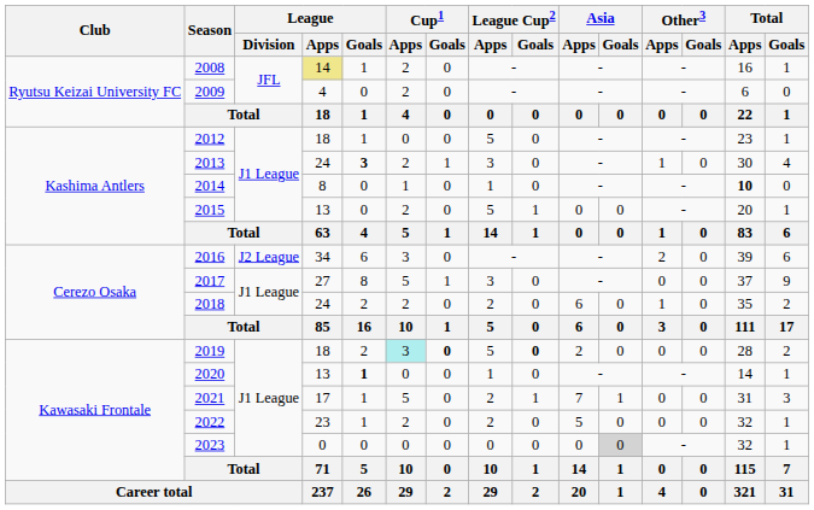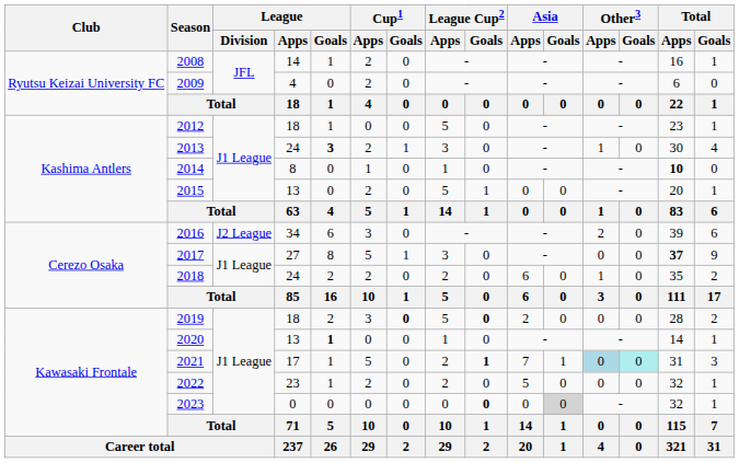 <table class="wikitable" style="text-align:center;">
 <tr>
 <th rowspan="2">Club</th>
 <th rowspan="2">Season</th>
 <th colspan="3">League</th>
 <th colspan="2">Cup<sup><a href='#'>1</a></sup></th>
 <th colspan="2">League Cup<sup><a href='#'>2</a></sup></th>
 <th colspan="2"><a href='#'>Asia</a></th>
 <th colspan="2">Other<sup><a href='#'>3</a></sup></th>
 <th colspan="2">Total</th>
 </tr>
 <tr>
 <th>Division</th>
 <th>Apps</th>
 <th>Goals</th>
 <th>Apps</th>
 <th>Goals</th>
 <th>Apps</th>
 <th>Goals</th>
 <th>Apps</th>
 <th>Goals</th>
 <th>Apps</th>
 <th>Goals</th>
 <th>Apps</th>
 <th>Goals</th>
 </tr>
 <tr>
 <td rowspan="3"><a href='#'>Ryutsu Keizai University FC</a></td>
 <td><a href='#'>2008</a></td>
 <td rowspan="2"><a href='#'>JFL</a></td>
-<td style="background: khaki;">14</td>
+<td>14</td>
 <td>1</td>
 <td>2</td>
 <td>0</td>
 <td colspan="2">-</td>
 <td colspan="2">-</td>
 <td colspan="2">-</td>
 <td>16</td>
 <td>1</td>
 </tr>
 <tr>
 <td><a href='#'>2009</a></td>
 <td>4</td>
 <td>0</td>
 <td>2</td>
 <td>0</td>
 <td colspan="2">-</td>
 <td colspan="2">-</td>
 <td colspan="2">-</td>
 <td>6</td>
 <td>0</td>
 </tr>
 <tr>
 <th colspan="2">Total</th>
 <th>18</th>
 <th>1</th>
 <th>4</th>
 <th>0</th>
 <th>0</th>
 <th>0</th>
 <th>0</th>
 <th>0</th>
 <th>0</th>
 <th>0</th>
 <th>22</th>
 <th>1</th>
 </tr>
 <tr>
 <td rowspan="5"><a href='#'>Kashima Antlers</a></td>
 <td><a href='#'>2012</a></td>
 <td rowspan="4"><a href='#'>J1 League</a></td>
 <td>18</td>
 <td>1</td>
 <td>0</td>
 <td>0</td>
 <td>5</td>
 <td>0</td>
 <td colspan="2">-</td>
 <td colspan="2">-</td>
 <td>23</td>
 <td>1</td>
 </tr>
 <tr>
 <td><a href='#'>2013</a></td>
 <td>24</td>
 <td><strong>3</strong></td>
 <td>2</td>
 <td>1</td>
 <td>3</td>
 <td>0</td>
 <td colspan="2">-</td>
 <td>1</td>
 <td>0</td>
 <td>30</td>
 <td>4</td>
 </tr>
 <tr>
 <td><a href='#'>2014</a></td>
 <td>8</td>
 <td>0</td>
 <td>1</td>
 <td>0</td>
 <td>1</td>
 <td>0</td>
 <td colspan="2">-</td>
 <td colspan="2">-</td>
 <td><strong>10</strong></td>
 <td>0</td>
 </tr>
 <tr>
 <td><a href='#'>2015</a></td>
 <td>13</td>
 <td>0</td>
 <td>2</td>
 <td>0</td>
 <td>5</td>
 <td>1</td>
 <td>0</td>
 <td>0</td>
 <td colspan="2">-</td>
 <td>20</td>
 <td>1</td>
 </tr>
 <tr>
 <th colspan="2">Total</th>
 <th>63</th>
 <th>4</th>
 <th>5</th>
 <th>1</th>
 <th>14</th>
 <th>1</th>
 <th>0</th>
 <th>0</th>
 <th>1</th>
 <th>0</th>
 <th>83</th>
 <th>6</th>
 </tr>
 <tr>
 <td rowspan="4"><a href='#'>Cerezo Osaka</a></td>
 <td><a href='#'>2016</a></td>
 <td><a href='#'>J2 League</a></td>
 <td>34</td>
 <td>6</td>
 <td>3</td>
 <td>0</td>
 <td colspan="2">-</td>
 <td colspan="2">-</td>
 <td>2</td>
 <td>0</td>
 <td>39</td>
 <td>6</td>
 </tr>
 <tr>
 <td><a href='#'>2017</a></td>
 <td rowspan="2">J1 League</td>
 <td>27</td>
 <td>8</td>
 <td>5</td>
 <td>1</td>
 <td>3</td>
 <td>0</td>
 <td colspan="2">-</td>
 <td>0</td>
 <td>0</td>
-<td>37</td>
+<td><strong>37</strong></td>
 <td>9</td>
 </tr>
 <tr>
 <td><a href='#'>2018</a></td>
 <td>24</td>
 <td>2</td>
 <td>2</td>
 <td>0</td>
 <td>2</td>
 <td>0</td>
 <td>6</td>
 <td>0</td>
 <td>1</td>
 <td>0</td>
 <td>35</td>
 <td>2</td>
 </tr>
 <tr>
 <th colspan="2">Total</th>
 <th>85</th>
 <th>16</th>
 <th>10</th>
 <th>1</th>
 <th>5</th>
 <th>0</th>
 <th>6</th>
 <th>0</th>
 <th>3</th>
 <th>0</th>
 <th>111</th>
 <th>17</th>
 </tr>
 <tr>
 <td rowspan="6"><a href='#'>Kawasaki Frontale</a></td>
 <td><a href='#'>2019</a></td>
 <td rowspan="5">J1 League</td>
 <td>18</td>
 <td>2</td>
-<td style="background: paleturquoise;">3</td>
+<td>3</td>
 <td><strong>0</strong></td>
 <td>5</td>
 <td><strong>0</strong></td>
 <td>2</td>
 <td>0</td>
 <td>0</td>
 <td>0</td>
 <td>28</td>
 <td>2</td>
 </tr>
 <tr>
 <td><a href='#'>2020</a></td>
 <td>13</td>
 <td><strong>1</strong></td>
 <td>0</td>
 <td>0</td>
 <td>1</td>
 <td>0</td>
 <td colspan="2">-</td>
 <td colspan="2">-</td>
 <td>14</td>
 <td>1</td>
 </tr>
 <tr>
 <td><a href='#'>2021</a></td>
 <td>17</td>
 <td>1</td>
 <td>5</td>
 <td>0</td>
 <td>2</td>
-<td>1</td>
+<td><strong>1</strong></td>
 <td>7</td>
 <td>1</td>
-<td>0</td>
-<td>0</td>
+<td style="background: lightblue;">0</td>
+<td style="background: paleturquoise;">0</td>
 <td>31</td>
 <td>3</td>
 </tr>
 <tr>
 <td><a href='#'>2022</a></td>
 <td>23</td>
 <td>1</td>
 <td>2</td>
 <td>0</td>
 <td>2</td>
 <td>0</td>
 <td>5</td>
 <td>0</td>
 <td>0</td>
 <td>0</td>
 <td>32</td>
 <td>1</td>
 </tr>
 <tr>
 <td><a href='#'>2023</a></td>
 <td>0</td>
 <td>0</td>
 <td>0</td>
 <td>0</td>
 <td>0</td>
-<td>0</td>
+<td><strong>0</strong></td>
 <td>0</td>
 <td style="background: lightgrey;">0</td>
 <td colspan="2">-</td>
 <td>32</td>
 <td>1</td>
 </tr>
 <tr>
 <th colspan="2">Total</th>
 <th>71</th>
 <th>5</th>
 <th>10</th>
 <th>0</th>
 <th>10</th>
 <th>1</th>
 <th>14</th>
 <th>1</th>
 <th>0</th>
 <th>0</th>
 <th>115</th>
 <th>7</th>
 </tr>
 <tr>
 <th colspan="3">Career total</th>
 <th>237</th>
 <th>26</th>
 <th>29</th>
 <th>2</th>
 <th>29</th>
 <th>2</th>
 <th>20</th>
 <th>1</th>
 <th>4</th>
 <th>0</th>
 <th>321</th>
 <th>31</th>
 </tr>
 </table>
